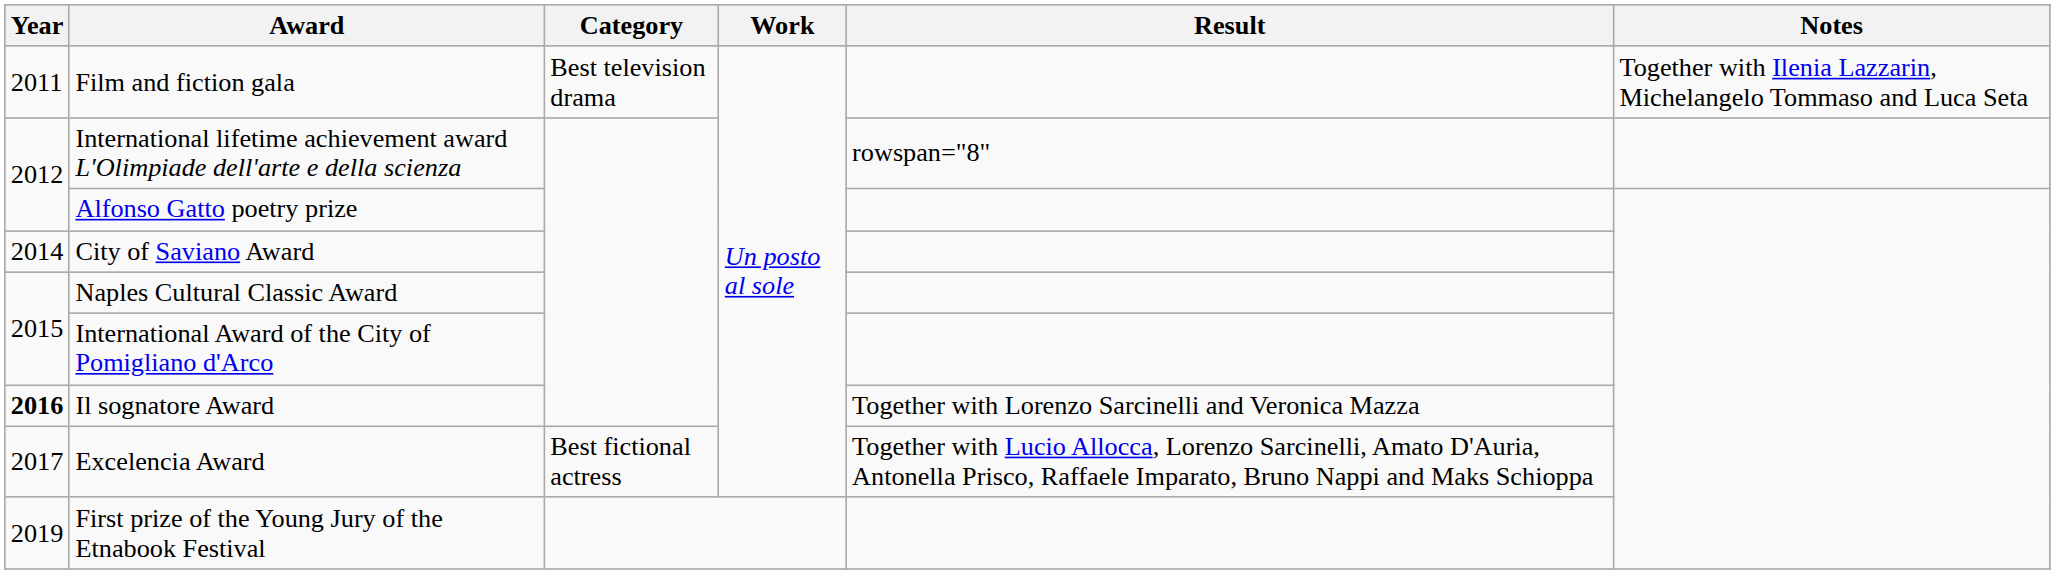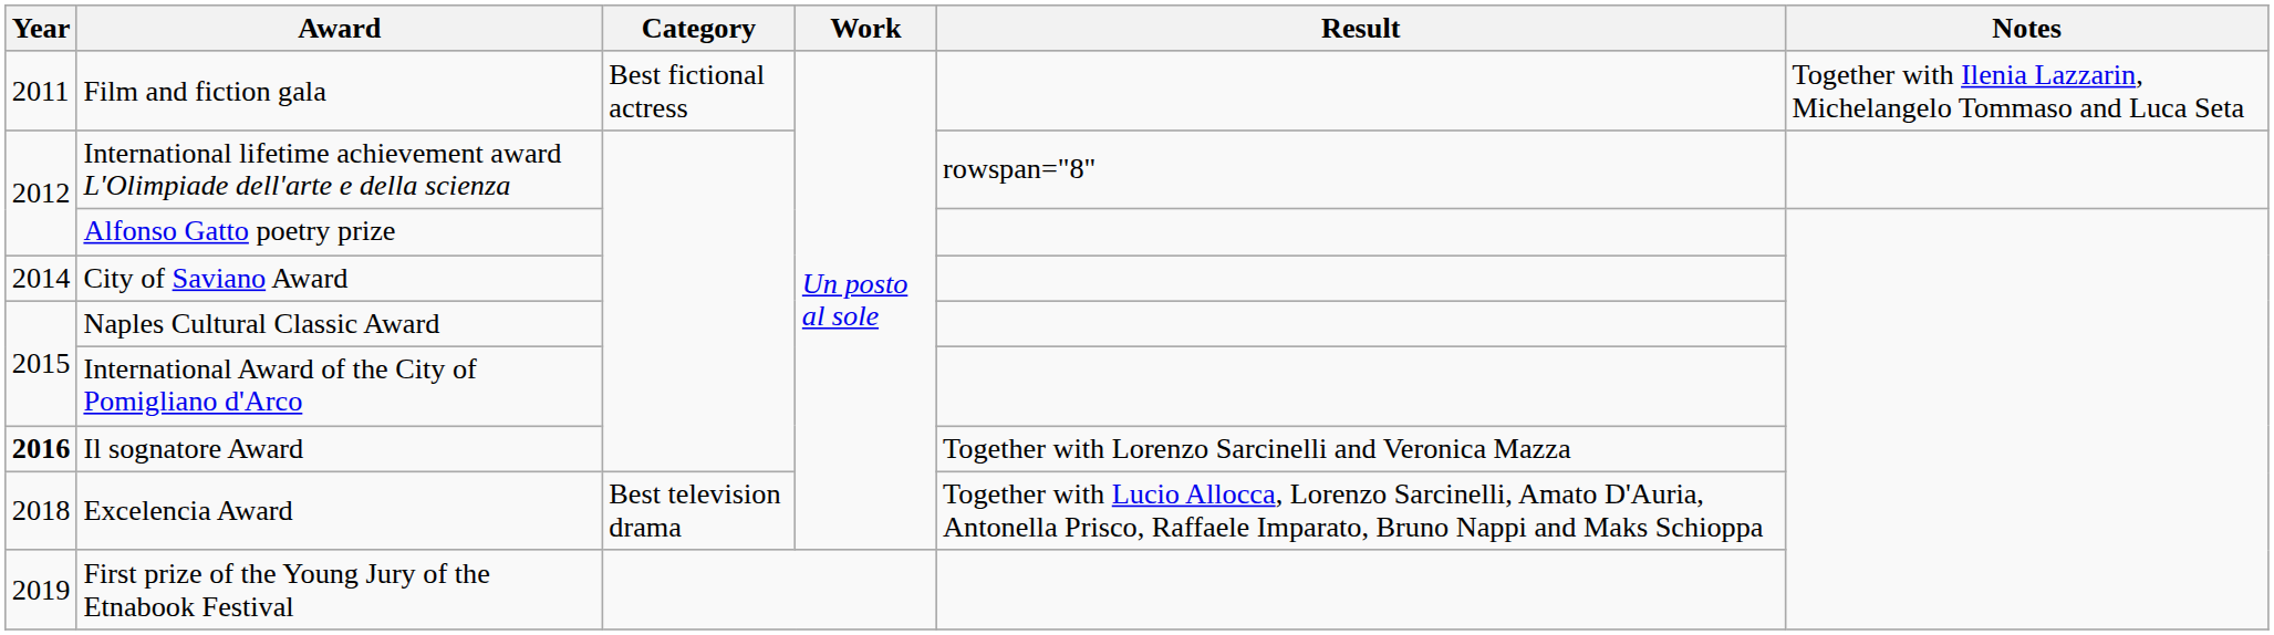 <table class="wikitable">
 <tr>
 <th>Year</th>
 <th>Award</th>
 <th>Category</th>
 <th>Work</th>
 <th>Result</th>
 <th>Notes</th>
 </tr>
 <tr>
 <td>2011</td>
 <td>Film and fiction gala</td>
-<td>Best television drama</td>
+<td>Best fictional actress</td>
 <td rowspan="8"><em><a href='#'>Un posto al sole</a></em></td>
 <td></td>
 <td>Together with <a href='#'>Ilenia Lazzarin</a>, Michelangelo Tommaso and Luca Seta</td>
 </tr>
 <tr>
 <td rowspan="2">2012</td>
 <td>International lifetime achievement award <em>L'Olimpiade dell'arte e della scienza</em></td>
 <td rowspan="6"></td>
 <td>rowspan="8" </td>
 <td></td>
 </tr>
 <tr>
 <td><a href='#'>Alfonso Gatto</a> poetry prize</td>
 <td></td>
 </tr>
 <tr>
 <td>2014</td>
 <td>City of <a href='#'>Saviano</a> Award</td>
 <td></td>
 </tr>
 <tr>
 <td rowspan="2">2015</td>
 <td>Naples Cultural Classic Award</td>
 <td></td>
 </tr>
 <tr>
 <td>International Award of the City of <a href='#'>Pomigliano d'Arco</a></td>
 <td></td>
 </tr>
 <tr>
 <td><strong>2016</strong></td>
 <td>Il sognatore Award</td>
 <td>Together with Lorenzo Sarcinelli and Veronica Mazza</td>
 </tr>
 <tr>
-<td>2017</td>
+<td>2018</td>
 <td>Excelencia Award</td>
-<td>Best fictional actress</td>
+<td>Best television drama</td>
 <td>Together with <a href='#'>Lucio Allocca</a>, Lorenzo Sarcinelli, Amato D'Auria, Antonella Prisco, Raffaele Imparato, Bruno Nappi and Maks Schioppa</td>
 </tr>
 <tr>
 <td>2019</td>
 <td>First prize of the Young Jury of the Etnabook Festival</td>
 <td colspan="2"></td>
 <td></td>
 </tr>
 </table>
